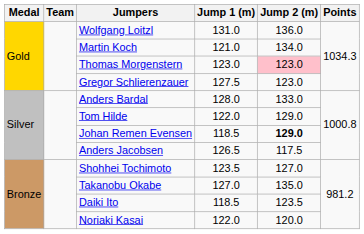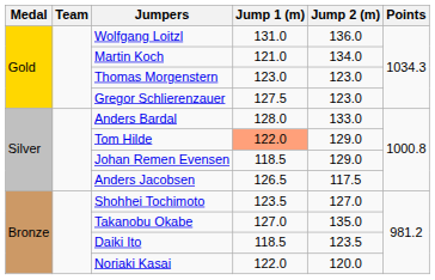 <table class="wikitable">
 <tr>
 <th align=left>Medal</th>
 <th>Team</th>
 <th>Jumpers</th>
 <th style="text-align:Center;">Jump 1 (m)</th>
 <th>Jump 2 (m)</th>
 <th>Points</th>
 </tr>
 <tr>
 <td style="background:gold; text-align:left;" rowspan="4">Gold</td>
 <td style="text-align:left;" rowspan="4"></td>
 <td align=left><a href='#'>Wolfgang Loitzl</a></td>
 <td align=center>131.0</td>
 <td align=center>136.0</td>
 <td style="text-align:center;" rowspan="4">1034.3</td>
 </tr>
 <tr>
 <td align=left><a href='#'>Martin Koch</a></td>
 <td align=center>121.0</td>
 <td align=center>134.0</td>
 </tr>
 <tr>
 <td align=left><a href='#'>Thomas Morgenstern</a></td>
 <td align=center>123.0</td>
-<td align=center style="background: pink;">123.0</td>
+<td align=center>123.0</td>
 </tr>
 <tr>
 <td align=left><a href='#'>Gregor Schlierenzauer</a></td>
 <td align=center>127.5</td>
 <td align=center>123.0</td>
 </tr>
 <tr>
 <td style="background:silver; text-align:left;" rowspan="4">Silver</td>
 <td style="text-align:left;" rowspan="4"></td>
 <td align=left><a href='#'>Anders Bardal</a></td>
 <td align=center>128.0</td>
 <td align=center>133.0</td>
 <td style="text-align:center;" rowspan="4">1000.8</td>
 </tr>
 <tr>
 <td align=left><a href='#'>Tom Hilde</a></td>
-<td align=center>122.0</td>
+<td align=center style="background: lightsalmon;">122.0</td>
 <td align=center>129.0</td>
 </tr>
 <tr>
 <td align=left><a href='#'>Johan Remen Evensen</a></td>
 <td align=center>118.5</td>
-<td align=center><strong>129.0</strong></td>
+<td align=center>129.0</td>
 </tr>
 <tr>
 <td align=left><a href='#'>Anders Jacobsen</a></td>
 <td align=center>126.5</td>
 <td align=center>117.5</td>
 </tr>
 <tr>
 <td style="background:#c96; text-align:left;" rowspan="4">Bronze</td>
 <td style="text-align:left;" rowspan="4"></td>
 <td align=left><a href='#'>Shohhei Tochimoto</a></td>
 <td align=center>123.5</td>
 <td align=center>127.0</td>
 <td style="text-align:center;" rowspan="4">981.2</td>
 </tr>
 <tr>
 <td align=left><a href='#'>Takanobu Okabe</a></td>
 <td align=center>127.0</td>
 <td align=center>135.0</td>
 </tr>
 <tr>
 <td align=left><a href='#'>Daiki Ito</a></td>
 <td align=center>118.5</td>
 <td align=center>123.5</td>
 </tr>
 <tr>
 <td align=left><a href='#'>Noriaki Kasai</a></td>
 <td align=center>122.0</td>
 <td align=center>120.0</td>
 </tr>
 </table>
